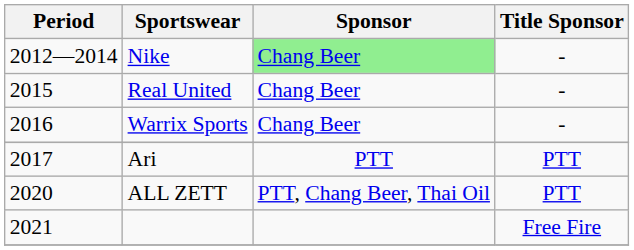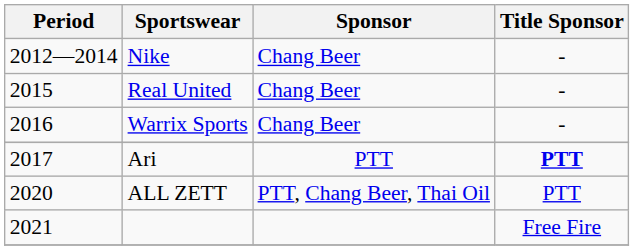 <table class="wikitable">
 <tr>
 <th>Period</th>
 <th>Sportswear</th>
 <th>Sponsor</th>
 <th>Title Sponsor</th>
 </tr>
 <tr>
 <td>2012—2014</td>
 <td> <a href='#'>Nike</a></td>
-<td style="background: lightgreen;"><a href='#'>Chang Beer</a></td>
+<td><a href='#'>Chang Beer</a></td>
 <td style="text-align:center;">-</td>
 </tr>
 <tr>
 <td>2015</td>
 <td> <a href='#'>Real United</a></td>
 <td><a href='#'>Chang Beer</a></td>
 <td style="text-align:center;">-</td>
 </tr>
 <tr>
 <td>2016</td>
 <td> <a href='#'>Warrix Sports</a></td>
 <td><a href='#'>Chang Beer</a></td>
 <td style="text-align:center;">-</td>
 </tr>
 <tr>
 </tr>
 <tr>
 <td>2017</td>
 <td> Ari</td>
 <td style="text-align:center;"><a href='#'>PTT</a></td>
-<td style="text-align:center;"><a href='#'>PTT</a></td>
+<td style="text-align:center;"><strong><a href='#'>PTT</a></strong></td>
 </tr>
 <tr>
 <td>2020</td>
 <td> ALL ZETT</td>
 <td style="text-align:center;"><a href='#'>PTT</a>, <a href='#'>Chang Beer</a>, <a href='#'>Thai Oil</a></td>
 <td style="text-align:center;"><a href='#'>PTT</a></td>
 </tr>
 <tr>
 <td>2021</td>
 <td></td>
 <td></td>
 <td style="text-align:center;"><a href='#'>Free Fire</a></td>
 </tr>
 <tr>
 </tr>
 </table>
